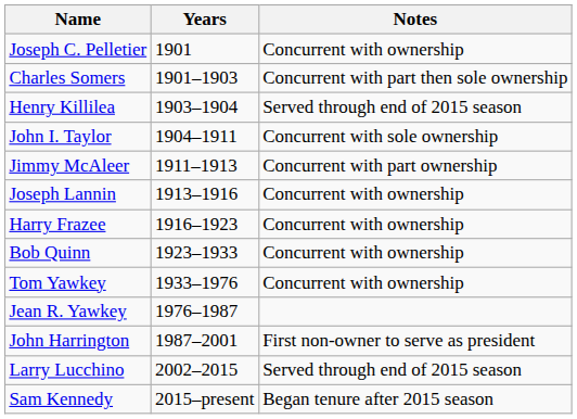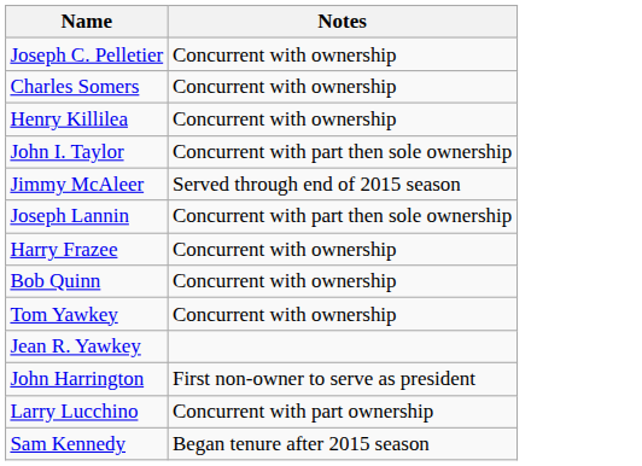 <table class="wikitable">
 <tr>
 <th>Name</th>
-<th>Years</th>
 <th>Notes</th>
 </tr>
 <tr>
 <td><a href='#'>Joseph C. Pelletier</a></td>
-<td>1901</td>
 <td>Concurrent with ownership</td>
 </tr>
 <tr>
 <td><a href='#'>Charles Somers</a></td>
-<td>1901–1903</td>
+<td>Concurrent with ownership</td>
+</tr>
+<tr>
+<td><a href='#'>Henry Killilea</a></td>
+<td>Concurrent with ownership</td>
+</tr>
+<tr>
+<td><a href='#'>John I. Taylor</a></td>
 <td>Concurrent with part then sole ownership</td>
 </tr>
 <tr>
-<td><a href='#'>Henry Killilea</a></td>
-<td>1903–1904</td>
+<td><a href='#'>Jimmy McAleer</a></td>
 <td>Served through end of 2015 season</td>
 </tr>
 <tr>
-<td><a href='#'>John I. Taylor</a></td>
-<td>1904–1911</td>
-<td>Concurrent with sole ownership</td>
-</tr>
-<tr>
-<td><a href='#'>Jimmy McAleer</a></td>
-<td>1911–1913</td>
-<td>Concurrent with part ownership</td>
-</tr>
-<tr>
 <td><a href='#'>Joseph Lannin</a></td>
-<td>1913–1916</td>
-<td>Concurrent with ownership</td>
+<td>Concurrent with part then sole ownership</td>
 </tr>
 <tr>
 <td><a href='#'>Harry Frazee</a></td>
-<td>1916–1923</td>
 <td>Concurrent with ownership</td>
 </tr>
 <tr>
 <td><a href='#'>Bob Quinn</a></td>
-<td>1923–1933</td>
 <td>Concurrent with ownership</td>
 </tr>
 <tr>
 <td><a href='#'>Tom Yawkey</a></td>
-<td>1933–1976</td>
 <td>Concurrent with ownership</td>
 </tr>
 <tr>
 <td><a href='#'>Jean R. Yawkey</a></td>
-<td>1976–1987</td>
 <td></td>
 </tr>
 <tr>
 <td><a href='#'>John Harrington</a></td>
-<td>1987–2001</td>
 <td>First non-owner to serve as president</td>
 </tr>
 <tr>
 <td><a href='#'>Larry Lucchino</a></td>
-<td>2002–2015</td>
-<td>Served through end of 2015 season</td>
+<td>Concurrent with part ownership</td>
 </tr>
 <tr>
 <td><a href='#'>Sam Kennedy</a></td>
-<td>2015–present</td>
 <td>Began tenure after 2015 season</td>
 </tr>
 </table>
